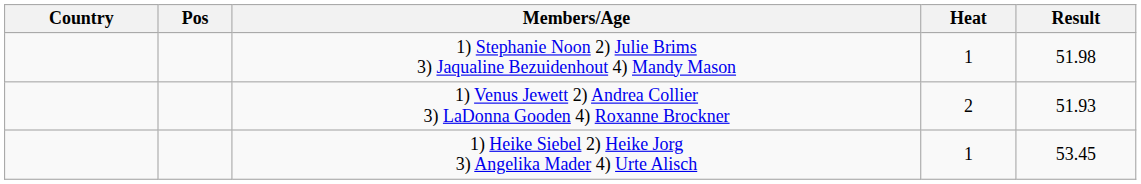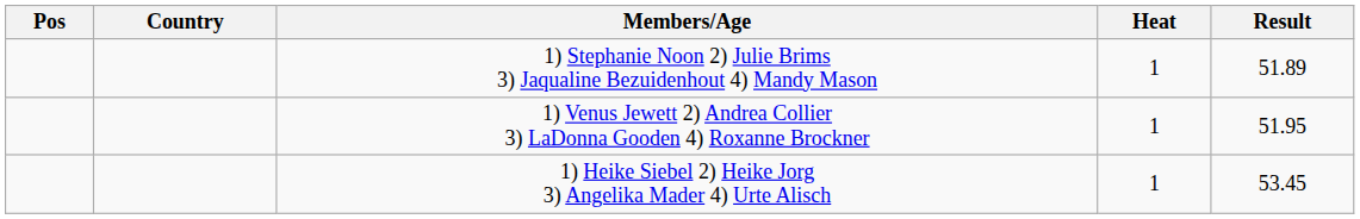 <table class="wikitable"  style="text-align:center; width:80%;">
 <tr>
+<th>Pos</th>
 <th>Country</th>
-<th>Pos</th>
 <th>Members/Age</th>
 <th>Heat</th>
 <th>Result</th>
 </tr>
 <tr>
+<td align=center></td>
 <td align=left></td>
-<td align=center></td>
 <td>1) <a href='#'>Stephanie Noon</a> 2) <a href='#'>Julie Brims</a><br>3) <a href='#'>Jaqualine Bezuidenhout</a> 4) <a href='#'>Mandy Mason</a></td>
 <td>1</td>
-<td>51.98</td>
+<td>51.89</td>
 </tr>
 <tr>
+<td align=center></td>
 <td align=left></td>
-<td align=center></td>
 <td>1) <a href='#'>Venus Jewett</a> 2) <a href='#'>Andrea Collier</a><br>3) <a href='#'>LaDonna Gooden</a> 4) <a href='#'>Roxanne Brockner</a></td>
-<td>2</td>
-<td>51.93</td>
+<td>1</td>
+<td>51.95</td>
 </tr>
 <tr>
+<td align=center></td>
 <td align=left></td>
-<td align=center></td>
 <td>1) <a href='#'>Heike Siebel</a> 2) <a href='#'>Heike Jorg</a><br>3) <a href='#'>Angelika Mader</a> 4) <a href='#'>Urte Alisch</a></td>
 <td>1</td>
 <td>53.45</td>
 </tr>
 </table>
